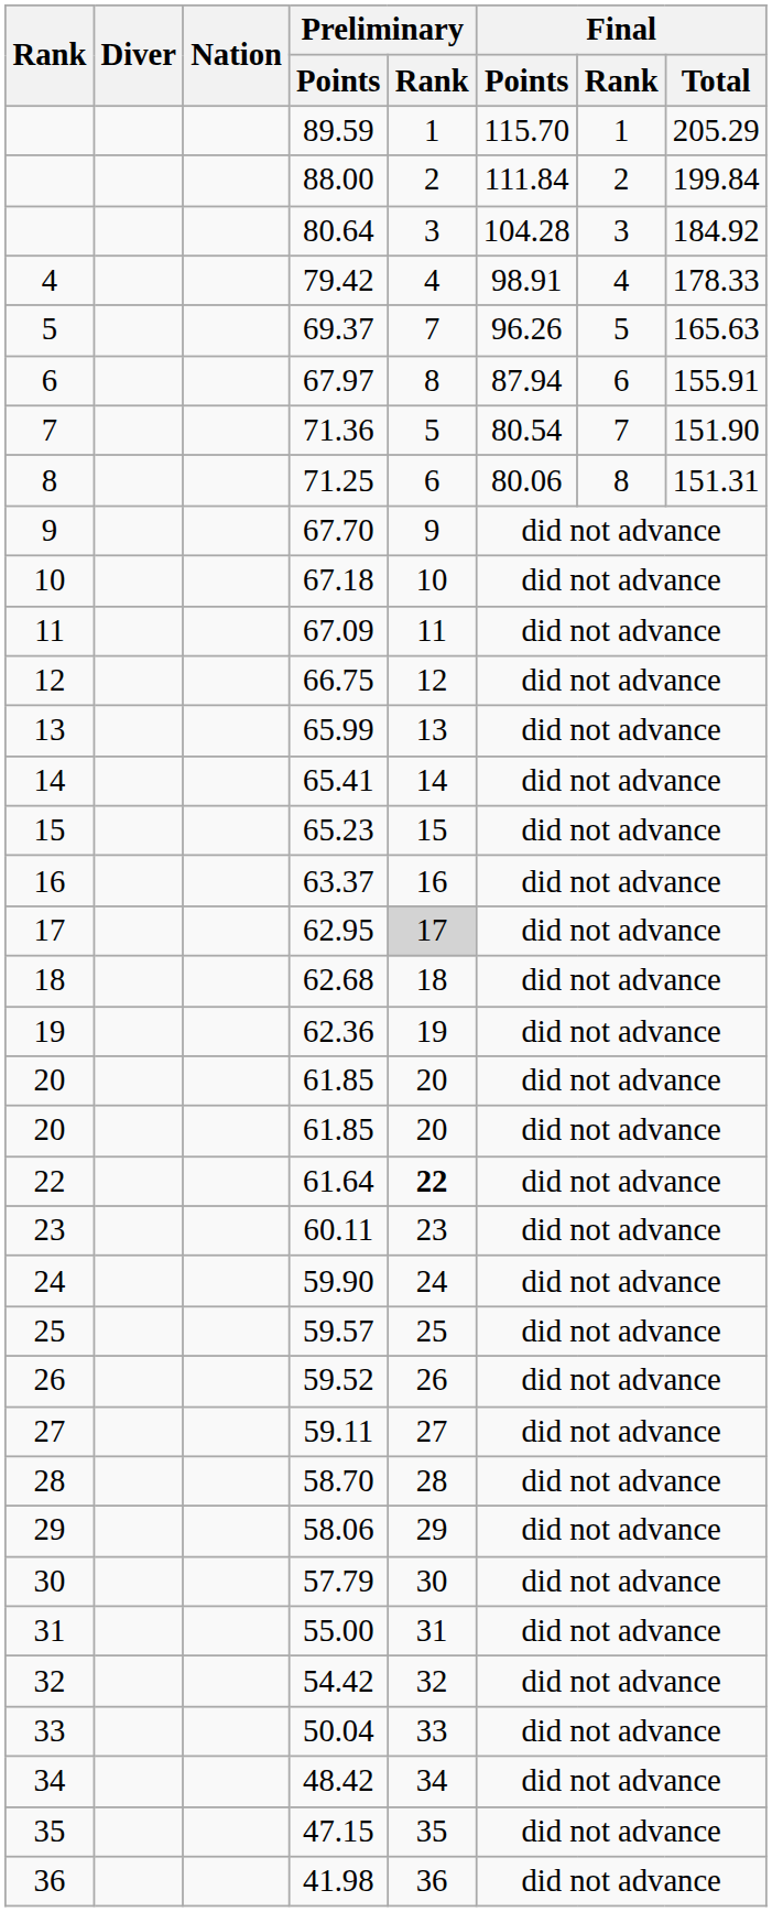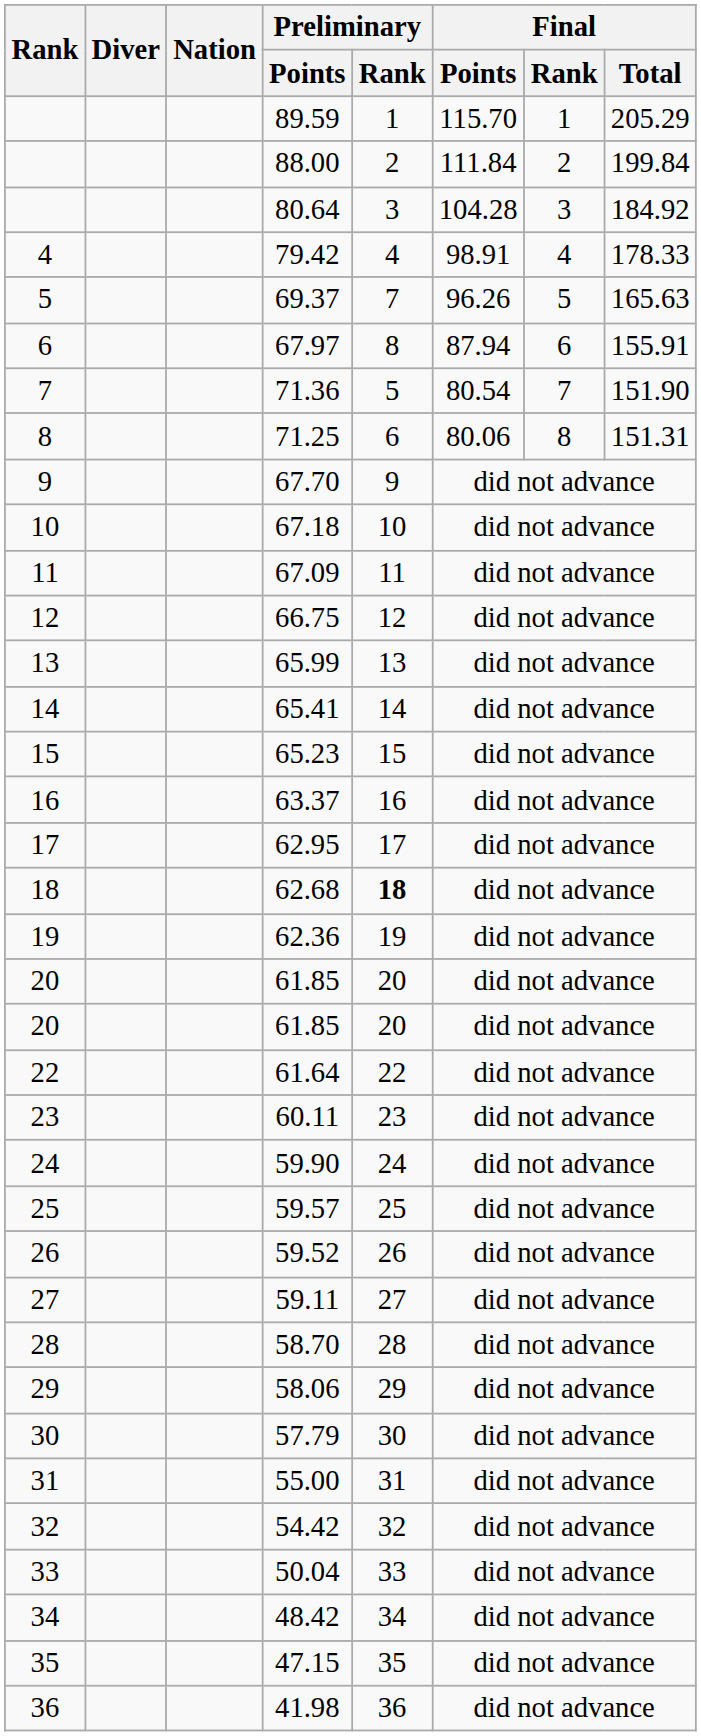 <table class="wikitable sortable" style="text-align:center;">
 <tr>
 <th rowspan=2>Rank</th>
 <th rowspan=2>Diver</th>
 <th rowspan=2>Nation</th>
 <th colspan=2>Preliminary</th>
 <th colspan=3>Final</th>
 </tr>
 <tr>
 <th>Points</th>
 <th>Rank</th>
 <th>Points</th>
 <th>Rank</th>
 <th>Total</th>
 </tr>
 <tr>
 <td></td>
 <td align=left></td>
 <td align=left></td>
 <td>89.59</td>
 <td>1</td>
 <td>115.70</td>
 <td>1</td>
 <td>205.29</td>
 </tr>
 <tr>
 <td></td>
 <td align=left></td>
 <td align=left></td>
 <td>88.00</td>
 <td>2</td>
 <td>111.84</td>
 <td>2</td>
 <td>199.84</td>
 </tr>
 <tr>
 <td></td>
 <td align=left></td>
 <td align=left></td>
 <td>80.64</td>
 <td>3</td>
 <td>104.28</td>
 <td>3</td>
 <td>184.92</td>
 </tr>
 <tr>
 <td>4</td>
 <td align=left></td>
 <td align=left></td>
 <td>79.42</td>
 <td>4</td>
 <td>98.91</td>
 <td>4</td>
 <td>178.33</td>
 </tr>
 <tr>
 <td>5</td>
 <td align=left></td>
 <td align=left></td>
 <td>69.37</td>
 <td>7</td>
 <td>96.26</td>
 <td>5</td>
 <td>165.63</td>
 </tr>
 <tr>
 <td>6</td>
 <td align=left></td>
 <td align=left></td>
 <td>67.97</td>
 <td>8</td>
 <td>87.94</td>
 <td>6</td>
 <td>155.91</td>
 </tr>
 <tr>
 <td>7</td>
 <td align=left></td>
 <td align=left></td>
 <td>71.36</td>
 <td>5</td>
 <td>80.54</td>
 <td>7</td>
 <td>151.90</td>
 </tr>
 <tr>
 <td>8</td>
 <td align=left></td>
 <td align=left></td>
 <td>71.25</td>
 <td>6</td>
 <td>80.06</td>
 <td>8</td>
 <td>151.31</td>
 </tr>
 <tr>
 <td>9</td>
 <td align=left></td>
 <td align=left></td>
 <td>67.70</td>
 <td>9</td>
 <td colspan=3>did not advance</td>
 </tr>
 <tr>
 <td>10</td>
 <td align=left></td>
 <td align=left></td>
 <td>67.18</td>
 <td>10</td>
 <td colspan=3>did not advance</td>
 </tr>
 <tr>
 <td>11</td>
 <td align=left></td>
 <td align=left></td>
 <td>67.09</td>
 <td>11</td>
 <td colspan=3>did not advance</td>
 </tr>
 <tr>
 <td>12</td>
 <td align=left></td>
 <td align=left></td>
 <td>66.75</td>
 <td>12</td>
 <td colspan=3>did not advance</td>
 </tr>
 <tr>
 <td>13</td>
 <td align=left></td>
 <td align=left></td>
 <td>65.99</td>
 <td>13</td>
 <td colspan=3>did not advance</td>
 </tr>
 <tr>
 <td>14</td>
 <td align=left></td>
 <td align=left></td>
 <td>65.41</td>
 <td>14</td>
 <td colspan=3>did not advance</td>
 </tr>
 <tr>
 <td>15</td>
 <td align=left></td>
 <td align=left></td>
 <td>65.23</td>
 <td>15</td>
 <td colspan=3>did not advance</td>
 </tr>
 <tr>
 <td>16</td>
 <td align=left></td>
 <td align=left></td>
 <td>63.37</td>
 <td>16</td>
 <td colspan=3>did not advance</td>
 </tr>
 <tr>
 <td>17</td>
 <td align=left></td>
 <td align=left></td>
 <td>62.95</td>
-<td style="background: lightgrey;">17</td>
+<td>17</td>
 <td colspan=3>did not advance</td>
 </tr>
 <tr>
 <td>18</td>
 <td align=left></td>
 <td align=left></td>
 <td>62.68</td>
-<td>18</td>
+<td><strong>18</strong></td>
 <td colspan=3>did not advance</td>
 </tr>
 <tr>
 <td>19</td>
 <td align=left></td>
 <td align=left></td>
 <td>62.36</td>
 <td>19</td>
 <td colspan=3>did not advance</td>
 </tr>
 <tr>
 <td>20</td>
 <td align=left></td>
 <td align=left></td>
 <td>61.85</td>
 <td>20</td>
 <td colspan=3>did not advance</td>
 </tr>
 <tr>
 <td>20</td>
 <td align=left></td>
 <td align=left></td>
 <td>61.85</td>
 <td>20</td>
 <td colspan=3>did not advance</td>
 </tr>
 <tr>
 <td>22</td>
 <td align=left></td>
 <td align=left></td>
 <td>61.64</td>
-<td><strong>22</strong></td>
+<td>22</td>
 <td colspan=3>did not advance</td>
 </tr>
 <tr>
 <td>23</td>
 <td align=left></td>
 <td align=left></td>
 <td>60.11</td>
 <td>23</td>
 <td colspan=3>did not advance</td>
 </tr>
 <tr>
 <td>24</td>
 <td align=left></td>
 <td align=left></td>
 <td>59.90</td>
 <td>24</td>
 <td colspan=3>did not advance</td>
 </tr>
 <tr>
 <td>25</td>
 <td align=left></td>
 <td align=left></td>
 <td>59.57</td>
 <td>25</td>
 <td colspan=3>did not advance</td>
 </tr>
 <tr>
 <td>26</td>
 <td align=left></td>
 <td align=left></td>
 <td>59.52</td>
 <td>26</td>
 <td colspan=3>did not advance</td>
 </tr>
 <tr>
 <td>27</td>
 <td align=left></td>
 <td align=left></td>
 <td>59.11</td>
 <td>27</td>
 <td colspan=3>did not advance</td>
 </tr>
 <tr>
 <td>28</td>
 <td align=left></td>
 <td align=left></td>
 <td>58.70</td>
 <td>28</td>
 <td colspan=3>did not advance</td>
 </tr>
 <tr>
 <td>29</td>
 <td align=left></td>
 <td align=left></td>
 <td>58.06</td>
 <td>29</td>
 <td colspan=3>did not advance</td>
 </tr>
 <tr>
 <td>30</td>
 <td align=left></td>
 <td align=left></td>
 <td>57.79</td>
 <td>30</td>
 <td colspan=3>did not advance</td>
 </tr>
 <tr>
 <td>31</td>
 <td align=left></td>
 <td align=left></td>
 <td>55.00</td>
 <td>31</td>
 <td colspan=3>did not advance</td>
 </tr>
 <tr>
 <td>32</td>
 <td align=left></td>
 <td align=left></td>
 <td>54.42</td>
 <td>32</td>
 <td colspan=3>did not advance</td>
 </tr>
 <tr>
 <td>33</td>
 <td align=left></td>
 <td align=left></td>
 <td>50.04</td>
 <td>33</td>
 <td colspan=3>did not advance</td>
 </tr>
 <tr>
 <td>34</td>
 <td align=left></td>
 <td align=left></td>
 <td>48.42</td>
 <td>34</td>
 <td colspan=3>did not advance</td>
 </tr>
 <tr>
 <td>35</td>
 <td align=left></td>
 <td align=left></td>
 <td>47.15</td>
 <td>35</td>
 <td colspan=3>did not advance</td>
 </tr>
 <tr>
 <td>36</td>
 <td align=left></td>
 <td align=left></td>
 <td>41.98</td>
 <td>36</td>
 <td colspan=3>did not advance</td>
 </tr>
 </table>
